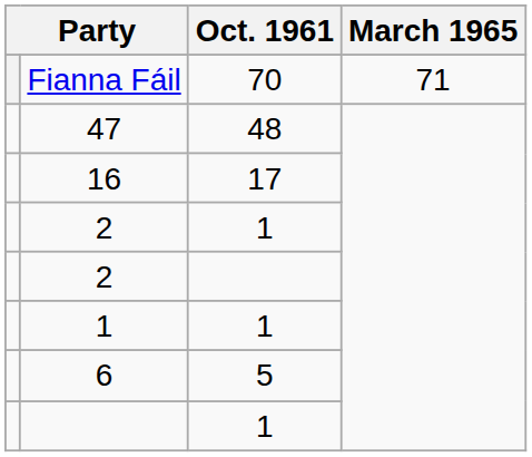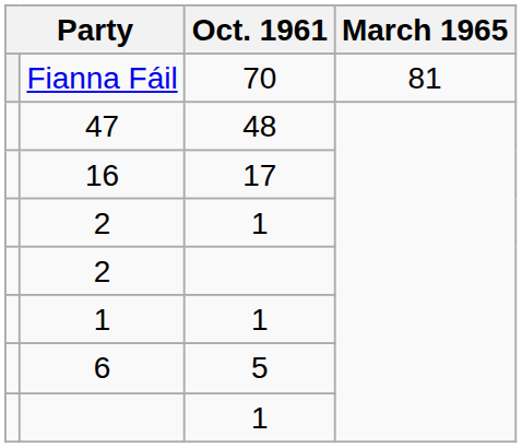 <table class="wikitable" style="font-size: 95%;">
 <tr>
 <th colspan=2>Party</th>
 <th>Oct. 1961</th>
 <th>March 1965</th>
 </tr>
 <tr>
 <th style="background-color: "></th>
 <td><a href='#'>Fianna Fáil</a></td>
 <td align="center">70</td>
-<td align="center">71</td>
+<td align="center">81</td>
 </tr>
 <tr>
 <td></td>
 <td align="center">47</td>
 <td align="center">48</td>
 </tr>
 <tr>
 <td></td>
 <td align="center">16</td>
 <td align="center">17</td>
 </tr>
 <tr>
 <td></td>
 <td align="center">2</td>
 <td align="center">1</td>
 </tr>
 <tr>
 <td></td>
 <td align="center">2</td>
 <td></td>
 </tr>
 <tr>
 <td></td>
 <td align="center">1</td>
 <td align="center">1</td>
 </tr>
 <tr>
 <td></td>
 <td align="center">6</td>
 <td align="center">5</td>
 </tr>
 <tr>
 <td></td>
 <td></td>
 <td align="center">1</td>
 </tr>
 </table>
